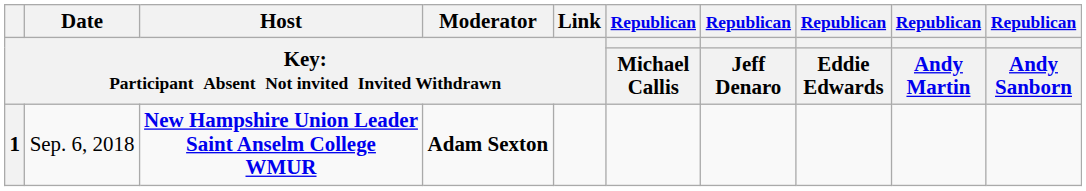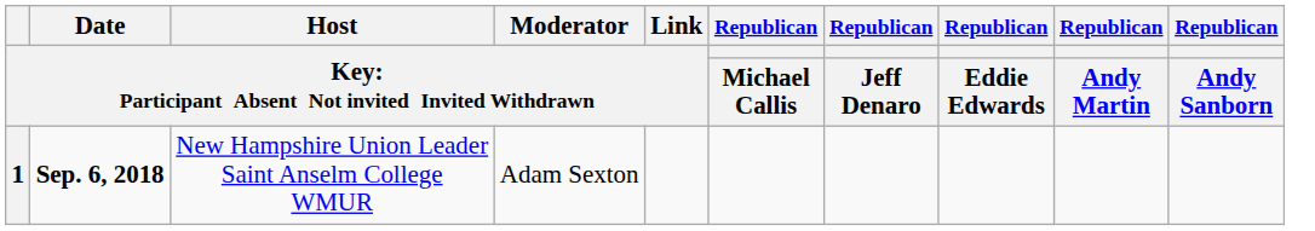 <table class="wikitable" style="text-align:center;">
 <tr>
 <th scope="col"></th>
 <th scope="col">Date</th>
 <th scope="col">Host</th>
 <th scope="col">Moderator</th>
 <th scope="col">Link</th>
 <th scope="col"><small><a href='#'>Republican</a></small></th>
 <th scope="col"><small><a href='#'>Republican</a></small></th>
 <th scope="col"><small><a href='#'>Republican</a></small></th>
 <th scope="col"><small><a href='#'>Republican</a></small></th>
 <th scope="col"><small><a href='#'>Republican</a></small></th>
 </tr>
 <tr>
 <th colspan="5" rowspan="2">Key:<br> <small>Participant </small>  <small>Absent </small>  <small>Not invited </small>  <small>Invited  Withdrawn</small></th>
 <th scope="col" style="background:"></th>
 <th scope="col" style="background:"></th>
 <th scope="col" style="background:"></th>
 <th scope="col" style="background:"></th>
 <th scope="col" style="background:"></th>
 </tr>
 <tr>
 <th scope="col">Michael Callis</th>
 <th scope="col">Jeff Denaro</th>
 <th scope="col">Eddie Edwards</th>
 <th scope="col"><a href='#'>Andy Martin</a></th>
 <th scope="col"><a href='#'>Andy Sanborn</a></th>
 </tr>
 <tr>
 <th>1</th>
-<td style="white-space:nowrap;">Sep. 6, 2018</td>
-<td style="white-space:nowrap;"><strong><a href='#'>New Hampshire Union Leader</a><br><a href='#'>Saint Anselm College</a><br><a href='#'>WMUR</a></strong></td>
-<td style="white-space:nowrap;"><strong>Adam Sexton</strong></td>
+<td style="white-space:nowrap;"><strong>Sep. 6, 2018</strong></td>
+<td style="white-space:nowrap;"><a href='#'>New Hampshire Union Leader</a><br><a href='#'>Saint Anselm College</a><br><a href='#'>WMUR</a></td>
+<td style="white-space:nowrap;">Adam Sexton</td>
 <td style="white-space:nowrap;"></td>
 <td></td>
 <td></td>
 <td></td>
 <td></td>
 <td></td>
 </tr>
 </table>
